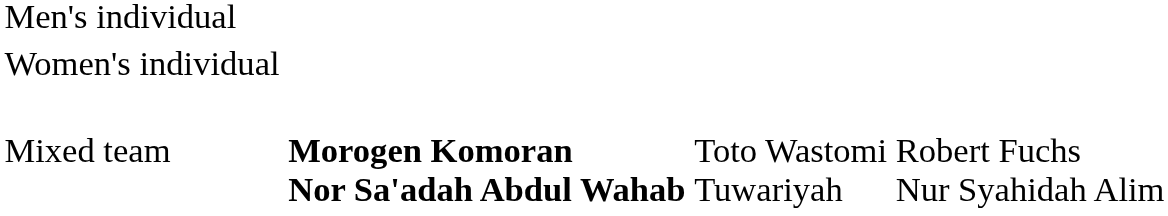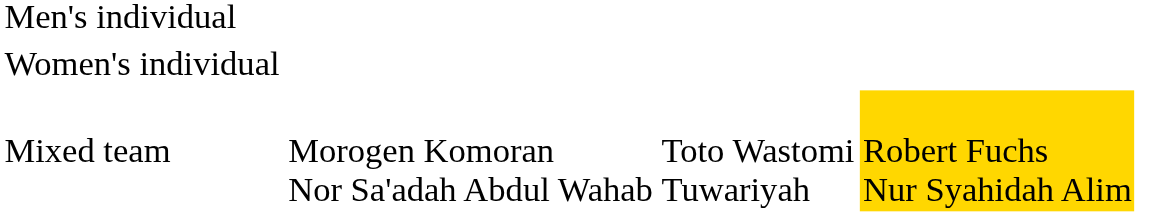 <table>
 <tr>
 <td>Men's individual</td>
 <td></td>
 <td></td>
 <td></td>
 </tr>
 <tr>
 <td>Women's individual</td>
 <td></td>
 <td></td>
 <td></td>
 </tr>
 <tr>
 <td>Mixed team</td>
-<td><strong><br>Morogen Komoran<br>Nor Sa'adah Abdul Wahab</strong></td>
+<td><br>Morogen Komoran<br>Nor Sa'adah Abdul Wahab</td>
 <td><br>Toto Wastomi<br>Tuwariyah</td>
-<td><br>Robert Fuchs<br>Nur Syahidah Alim</td>
+<td style="background: gold;"><br>Robert Fuchs<br>Nur Syahidah Alim</td>
 </tr>
 </table>
